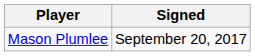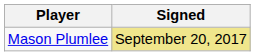 <table class="wikitable sortable sortable">
 <tr>
 <th>Player</th>
 <th>Signed</th>
 </tr>
 <tr style="text-align: center">
 <td><a href='#'>Mason Plumlee</a></td>
-<td>September 20, 2017</td>
+<td style="background: khaki;">September 20, 2017</td>
 </tr>
 </table>
